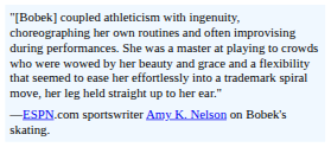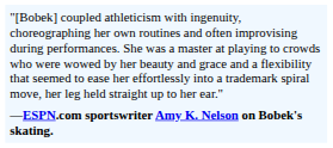 <table class="toccolours" style="float: right; margin-left: 1em; margin-right: 2em; font-size: 95%; background:#F0F8FF; color:black; width:25em; max-width: 40%;" cellspacing="5">
 <tr>
 <td style="text-align: left;">"[Bobek] coupled athleticism with ingenuity, choreographing her own routines and often improvising during performances. She was a master at playing to crowds who were wowed by her beauty and grace and a flexibility that seemed to ease her effortlessly into a trademark spiral move, her leg held straight up to her ear."</td>
 </tr>
 <tr>
-<td style="text-align: left;">—<a href='#'>ESPN</a>.com sportswriter <a href='#'>Amy K. Nelson</a> on Bobek's skating.</td>
+<td style="text-align: left;"><strong>—<a href='#'>ESPN</a>.com sportswriter <a href='#'>Amy K. Nelson</a> on Bobek's skating.</strong></td>
 </tr>
 </table>
